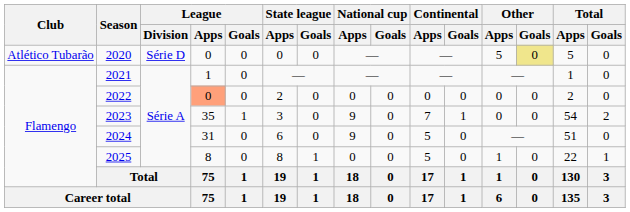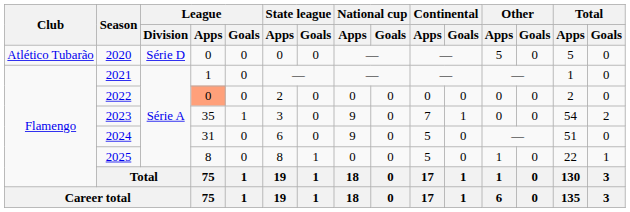 <table class="wikitable" style="text-align: center">
 <tr>
 <th rowspan="2">Club</th>
 <th rowspan="2">Season</th>
 <th colspan="3">League</th>
 <th colspan="2">State league</th>
 <th colspan="2">National cup</th>
 <th colspan="2">Continental</th>
 <th colspan="2">Other</th>
 <th colspan="2">Total</th>
 </tr>
 <tr>
 <th>Division</th>
 <th>Apps</th>
 <th>Goals</th>
 <th>Apps</th>
 <th>Goals</th>
 <th>Apps</th>
 <th>Goals</th>
 <th>Apps</th>
 <th>Goals</th>
 <th>Apps</th>
 <th>Goals</th>
 <th>Apps</th>
 <th>Goals</th>
 </tr>
 <tr>
 <td><a href='#'>Atlético Tubarão</a></td>
 <td><a href='#'>2020</a></td>
 <td><a href='#'>Série D</a></td>
 <td>0</td>
 <td>0</td>
 <td>0</td>
 <td>0</td>
 <td colspan="2">—</td>
 <td colspan="2">—</td>
 <td>5</td>
-<td style="background: khaki;">0</td>
+<td>0</td>
 <td>5</td>
 <td>0</td>
 </tr>
 <tr>
 <td rowspan="6"><a href='#'>Flamengo</a></td>
 <td><a href='#'>2021</a></td>
 <td rowspan="5"><a href='#'>Série A</a></td>
 <td>1</td>
 <td>0</td>
 <td colspan="2">—</td>
 <td colspan="2">—</td>
 <td colspan="2">—</td>
 <td colspan="2">—</td>
 <td>1</td>
 <td>0</td>
 </tr>
 <tr>
 <td><a href='#'>2022</a></td>
 <td style="background: lightsalmon;">0</td>
 <td>0</td>
 <td>2</td>
 <td>0</td>
 <td>0</td>
 <td>0</td>
 <td>0</td>
 <td>0</td>
 <td>0</td>
 <td>0</td>
 <td>2</td>
 <td>0</td>
 </tr>
 <tr>
 <td><a href='#'>2023</a></td>
 <td>35</td>
 <td>1</td>
 <td>3</td>
 <td>0</td>
 <td>9</td>
 <td>0</td>
 <td>7</td>
 <td>1</td>
 <td>0</td>
 <td>0</td>
 <td>54</td>
 <td>2</td>
 </tr>
 <tr>
 <td><a href='#'>2024</a></td>
 <td>31</td>
 <td>0</td>
 <td>6</td>
 <td>0</td>
 <td>9</td>
 <td>0</td>
 <td>5</td>
 <td>0</td>
 <td colspan="2">—</td>
 <td>51</td>
 <td>0</td>
 </tr>
 <tr>
 <td><a href='#'>2025</a></td>
 <td>8</td>
 <td>0</td>
 <td>8</td>
 <td>1</td>
 <td>0</td>
 <td>0</td>
 <td>5</td>
 <td>0</td>
 <td>1</td>
 <td>0</td>
 <td>22</td>
 <td>1</td>
 </tr>
 <tr>
 <th colspan="2">Total</th>
 <th>75</th>
 <th>1</th>
 <th>19</th>
 <th>1</th>
 <th>18</th>
 <th>0</th>
 <th>17</th>
 <th>1</th>
 <th>1</th>
 <th>0</th>
 <th>130</th>
 <th>3</th>
 </tr>
 <tr>
 <th colspan="3">Career total</th>
 <th>75</th>
 <th>1</th>
 <th>19</th>
 <th>1</th>
 <th>18</th>
 <th>0</th>
 <th>17</th>
 <th>1</th>
 <th>6</th>
 <th>0</th>
 <th>135</th>
 <th>3</th>
 </tr>
 </table>
